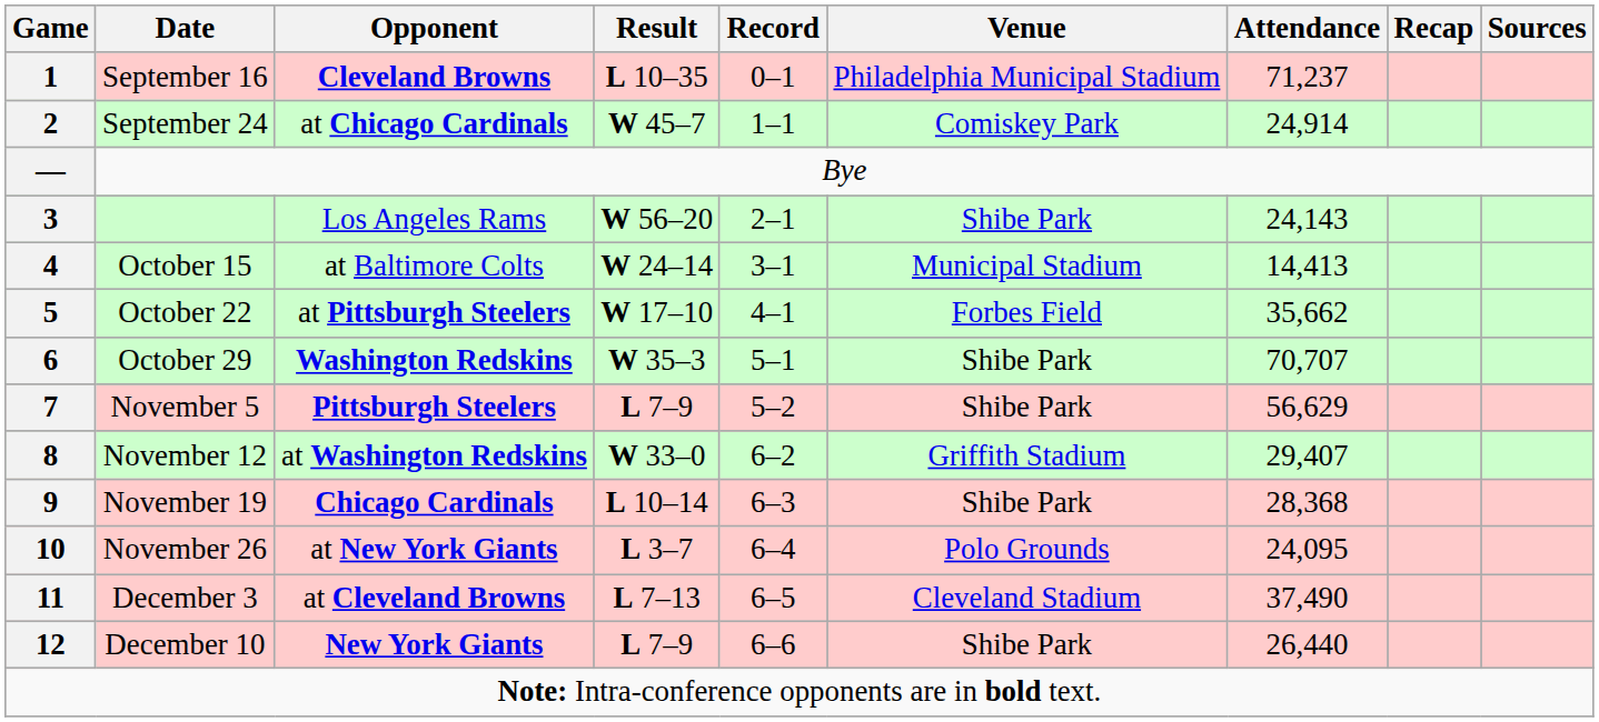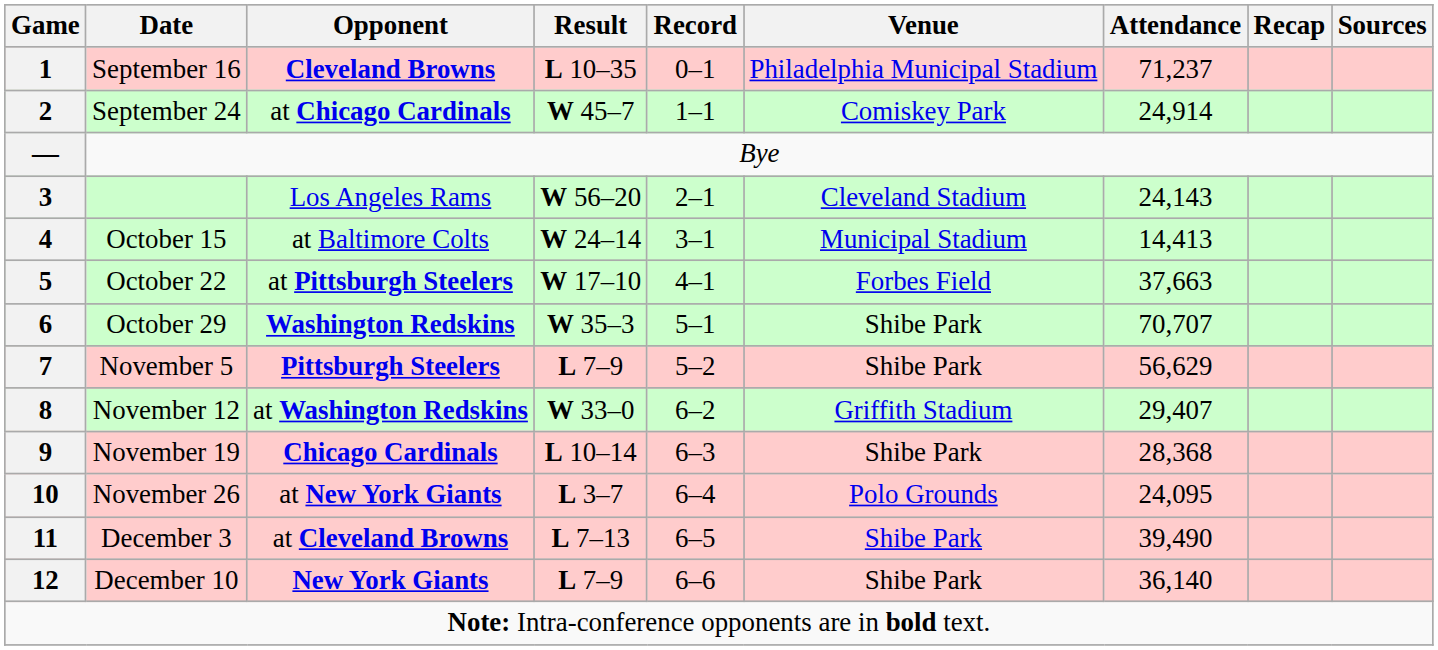 <table class="wikitable" style="text-align:center">
 <tr>
 <th>Game</th>
 <th>Date</th>
 <th>Opponent</th>
 <th>Result</th>
 <th>Record</th>
 <th>Venue</th>
 <th>Attendance</th>
 <th>Recap</th>
 <th>Sources</th>
 </tr>
 <tr style="background:#fcc">
 <th>1</th>
 <td>September 16</td>
 <td><strong><a href='#'>Cleveland Browns</a></strong></td>
 <td><strong>L</strong> 10–35</td>
 <td>0–1</td>
 <td><a href='#'>Philadelphia Municipal Stadium</a></td>
 <td>71,237</td>
 <td></td>
 <td></td>
 </tr>
 <tr style="background:#cfc">
 <th>2</th>
 <td>September 24</td>
 <td>at <strong><a href='#'>Chicago Cardinals</a></strong></td>
 <td><strong>W</strong> 45–7</td>
 <td>1–1</td>
 <td><a href='#'>Comiskey Park</a></td>
 <td>24,914</td>
 <td></td>
 <td></td>
 </tr>
 <tr>
 <th>—</th>
 <td colspan=8 align="center"><em>Bye</em></td>
 </tr>
 <tr style="background:#cfc">
 <th>3</th>
 <td></td>
 <td><a href='#'>Los Angeles Rams</a></td>
 <td><strong>W</strong> 56–20</td>
 <td>2–1</td>
-<td><a href='#'>Shibe Park</a></td>
+<td><a href='#'>Cleveland Stadium</a></td>
 <td>24,143</td>
 <td></td>
 <td></td>
 </tr>
 <tr style="background:#cfc">
 <th>4</th>
 <td>October 15</td>
 <td>at <a href='#'>Baltimore Colts</a></td>
 <td><strong>W</strong> 24–14</td>
 <td>3–1</td>
 <td><a href='#'>Municipal Stadium</a></td>
 <td>14,413</td>
 <td></td>
 <td></td>
 </tr>
 <tr style="background:#cfc">
 <th>5</th>
 <td>October 22</td>
 <td>at <strong><a href='#'>Pittsburgh Steelers</a></strong></td>
 <td><strong>W</strong> 17–10</td>
 <td>4–1</td>
 <td><a href='#'>Forbes Field</a></td>
-<td>35,662</td>
+<td>37,663</td>
 <td></td>
 <td></td>
 </tr>
 <tr style="background:#cfc">
 <th>6</th>
 <td>October 29</td>
 <td><strong><a href='#'>Washington Redskins</a></strong></td>
 <td><strong>W</strong> 35–3</td>
 <td>5–1</td>
 <td>Shibe Park</td>
 <td>70,707</td>
 <td></td>
 <td></td>
 </tr>
 <tr style="background:#fcc">
 <th>7</th>
 <td>November 5</td>
 <td><strong><a href='#'>Pittsburgh Steelers</a></strong></td>
 <td><strong>L</strong> 7–9</td>
 <td>5–2</td>
 <td>Shibe Park</td>
 <td>56,629</td>
 <td></td>
 <td></td>
 </tr>
 <tr style="background:#cfc">
 <th>8</th>
 <td>November 12</td>
 <td>at <strong><a href='#'>Washington Redskins</a></strong></td>
 <td><strong>W</strong> 33–0</td>
 <td>6–2</td>
 <td><a href='#'>Griffith Stadium</a></td>
 <td>29,407</td>
 <td></td>
 <td></td>
 </tr>
 <tr style="background:#fcc">
 <th>9</th>
 <td>November 19</td>
 <td><strong><a href='#'>Chicago Cardinals</a></strong></td>
 <td><strong>L</strong> 10–14</td>
 <td>6–3</td>
 <td>Shibe Park</td>
 <td>28,368</td>
 <td></td>
 <td></td>
 </tr>
 <tr style="background:#fcc">
 <th>10</th>
 <td>November 26</td>
 <td>at <strong><a href='#'>New York Giants</a></strong></td>
 <td><strong>L</strong> 3–7</td>
 <td>6–4</td>
 <td><a href='#'>Polo Grounds</a></td>
 <td>24,095</td>
 <td></td>
 <td></td>
 </tr>
 <tr style="background:#fcc">
 <th>11</th>
 <td>December 3</td>
 <td>at <strong><a href='#'>Cleveland Browns</a></strong></td>
 <td><strong>L</strong> 7–13</td>
 <td>6–5</td>
-<td><a href='#'>Cleveland Stadium</a></td>
-<td>37,490</td>
+<td><a href='#'>Shibe Park</a></td>
+<td>39,490</td>
 <td></td>
 <td></td>
 </tr>
 <tr style="background:#fcc">
 <th>12</th>
 <td>December 10</td>
 <td><strong><a href='#'>New York Giants</a></strong></td>
 <td><strong>L</strong> 7–9</td>
 <td>6–6</td>
 <td>Shibe Park</td>
-<td>26,440</td>
+<td>36,140</td>
 <td></td>
 <td></td>
 </tr>
 <tr>
 <td colspan="10"><strong>Note:</strong> Intra-conference opponents are in <strong>bold</strong> text.</td>
 </tr>
 </table>
